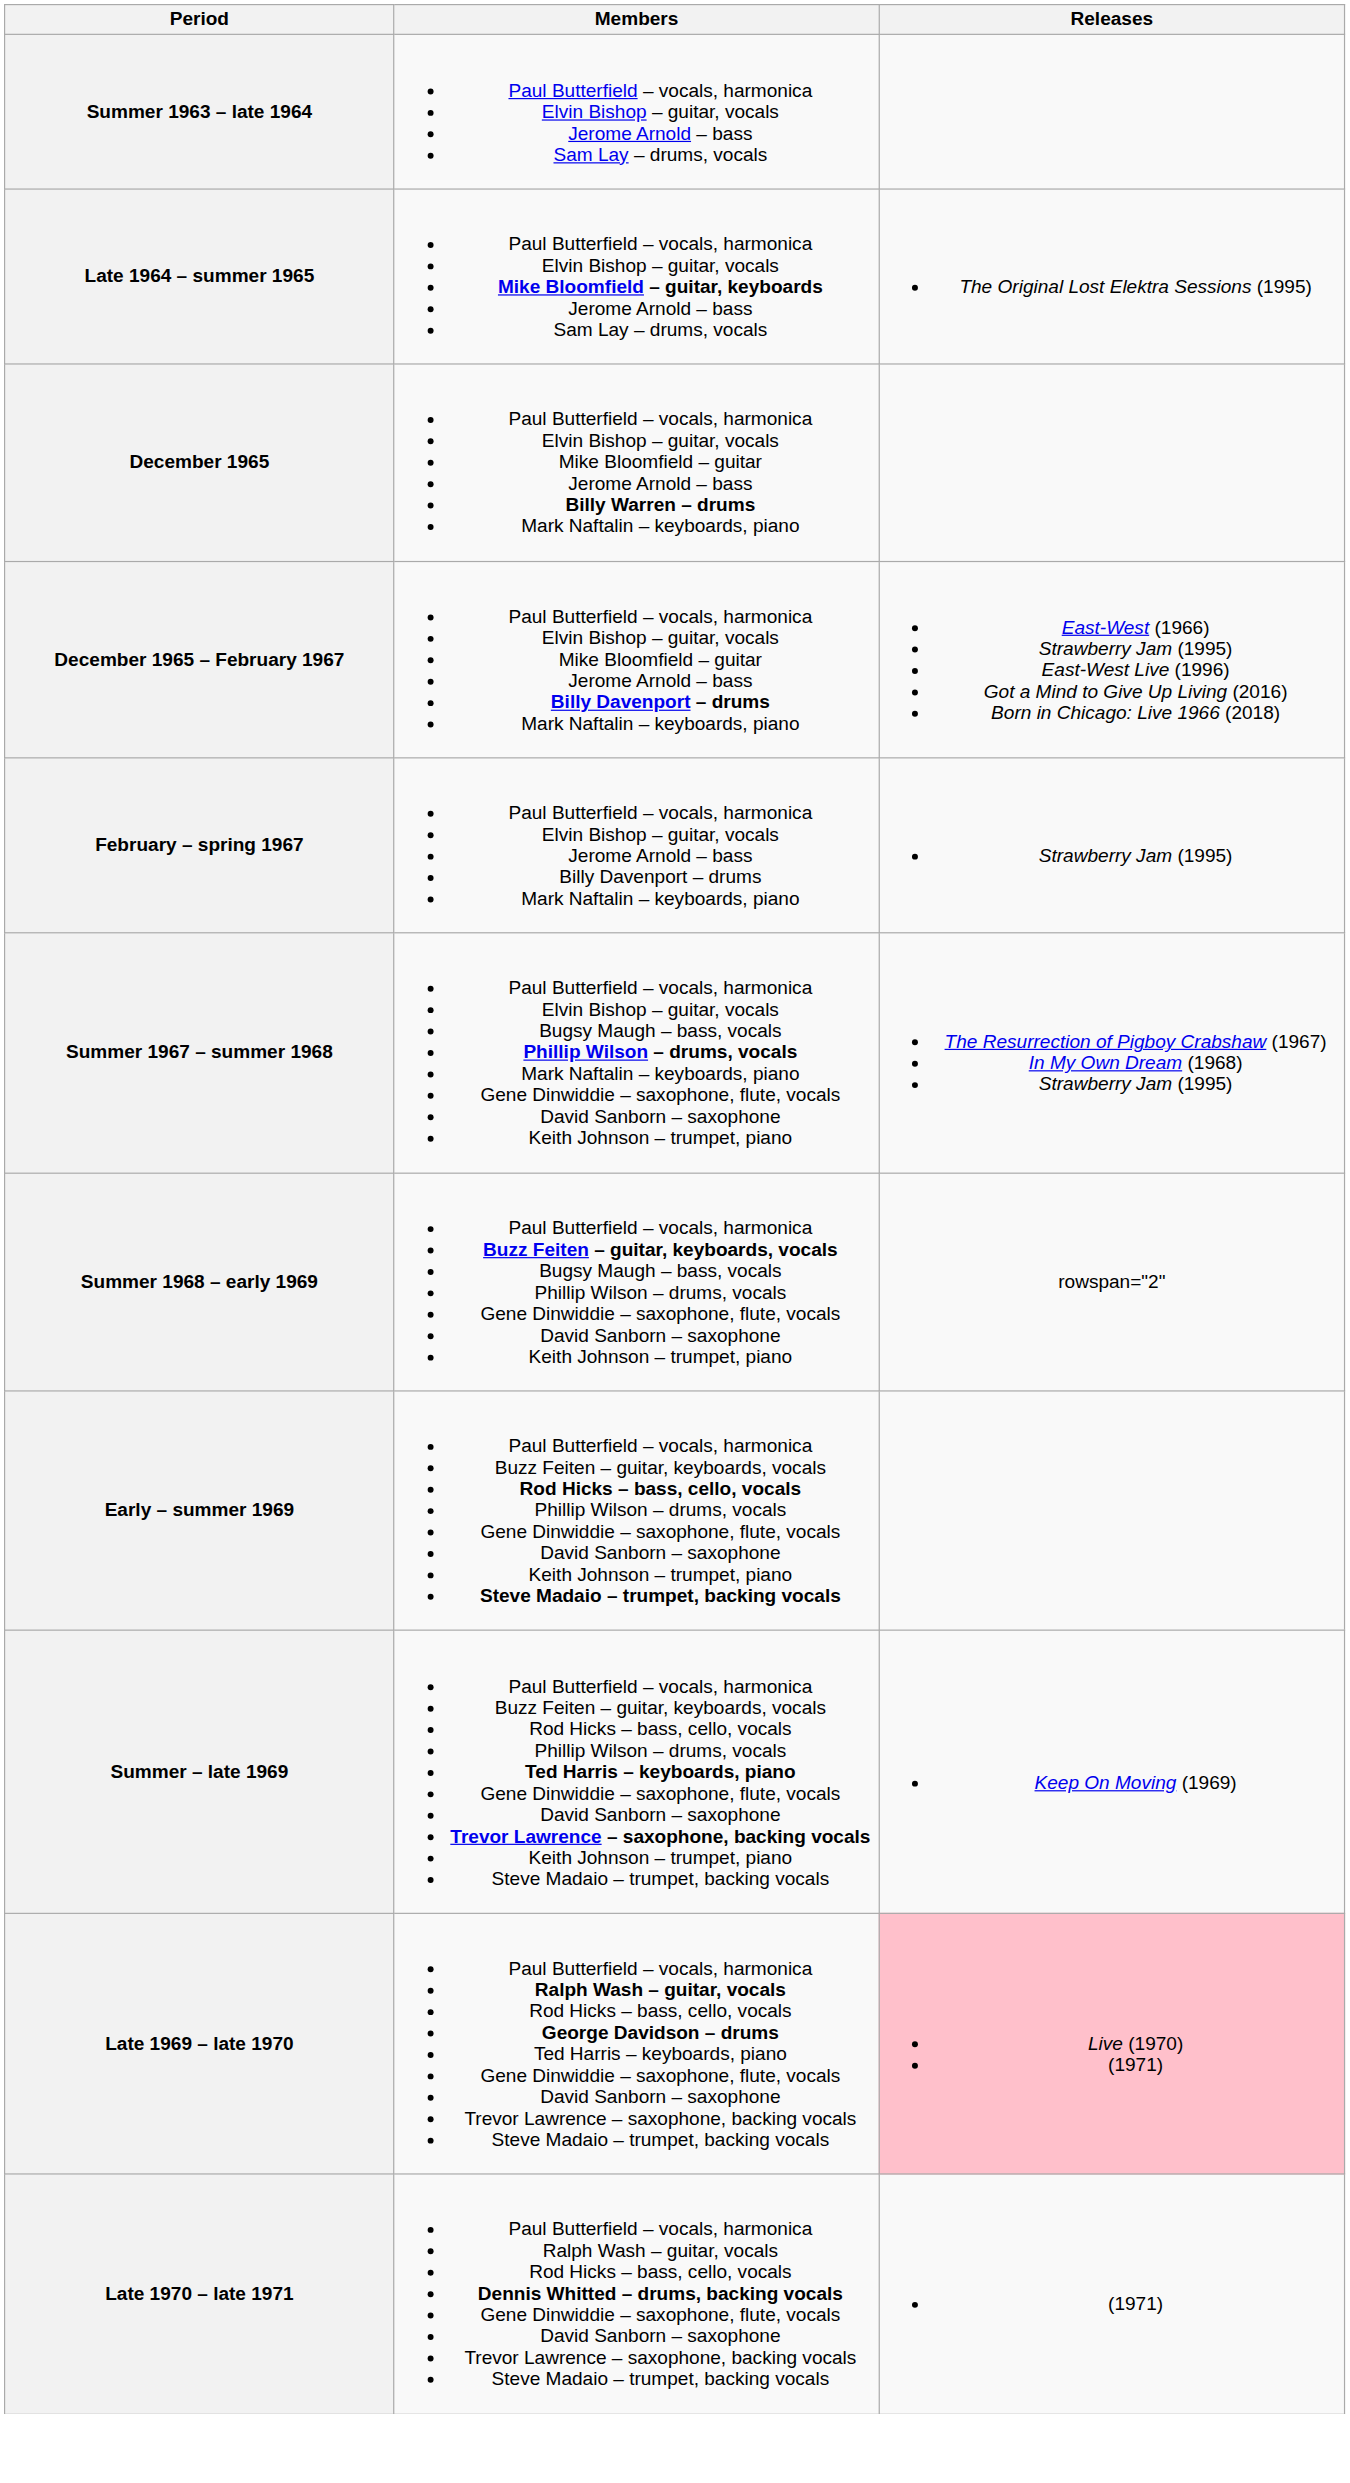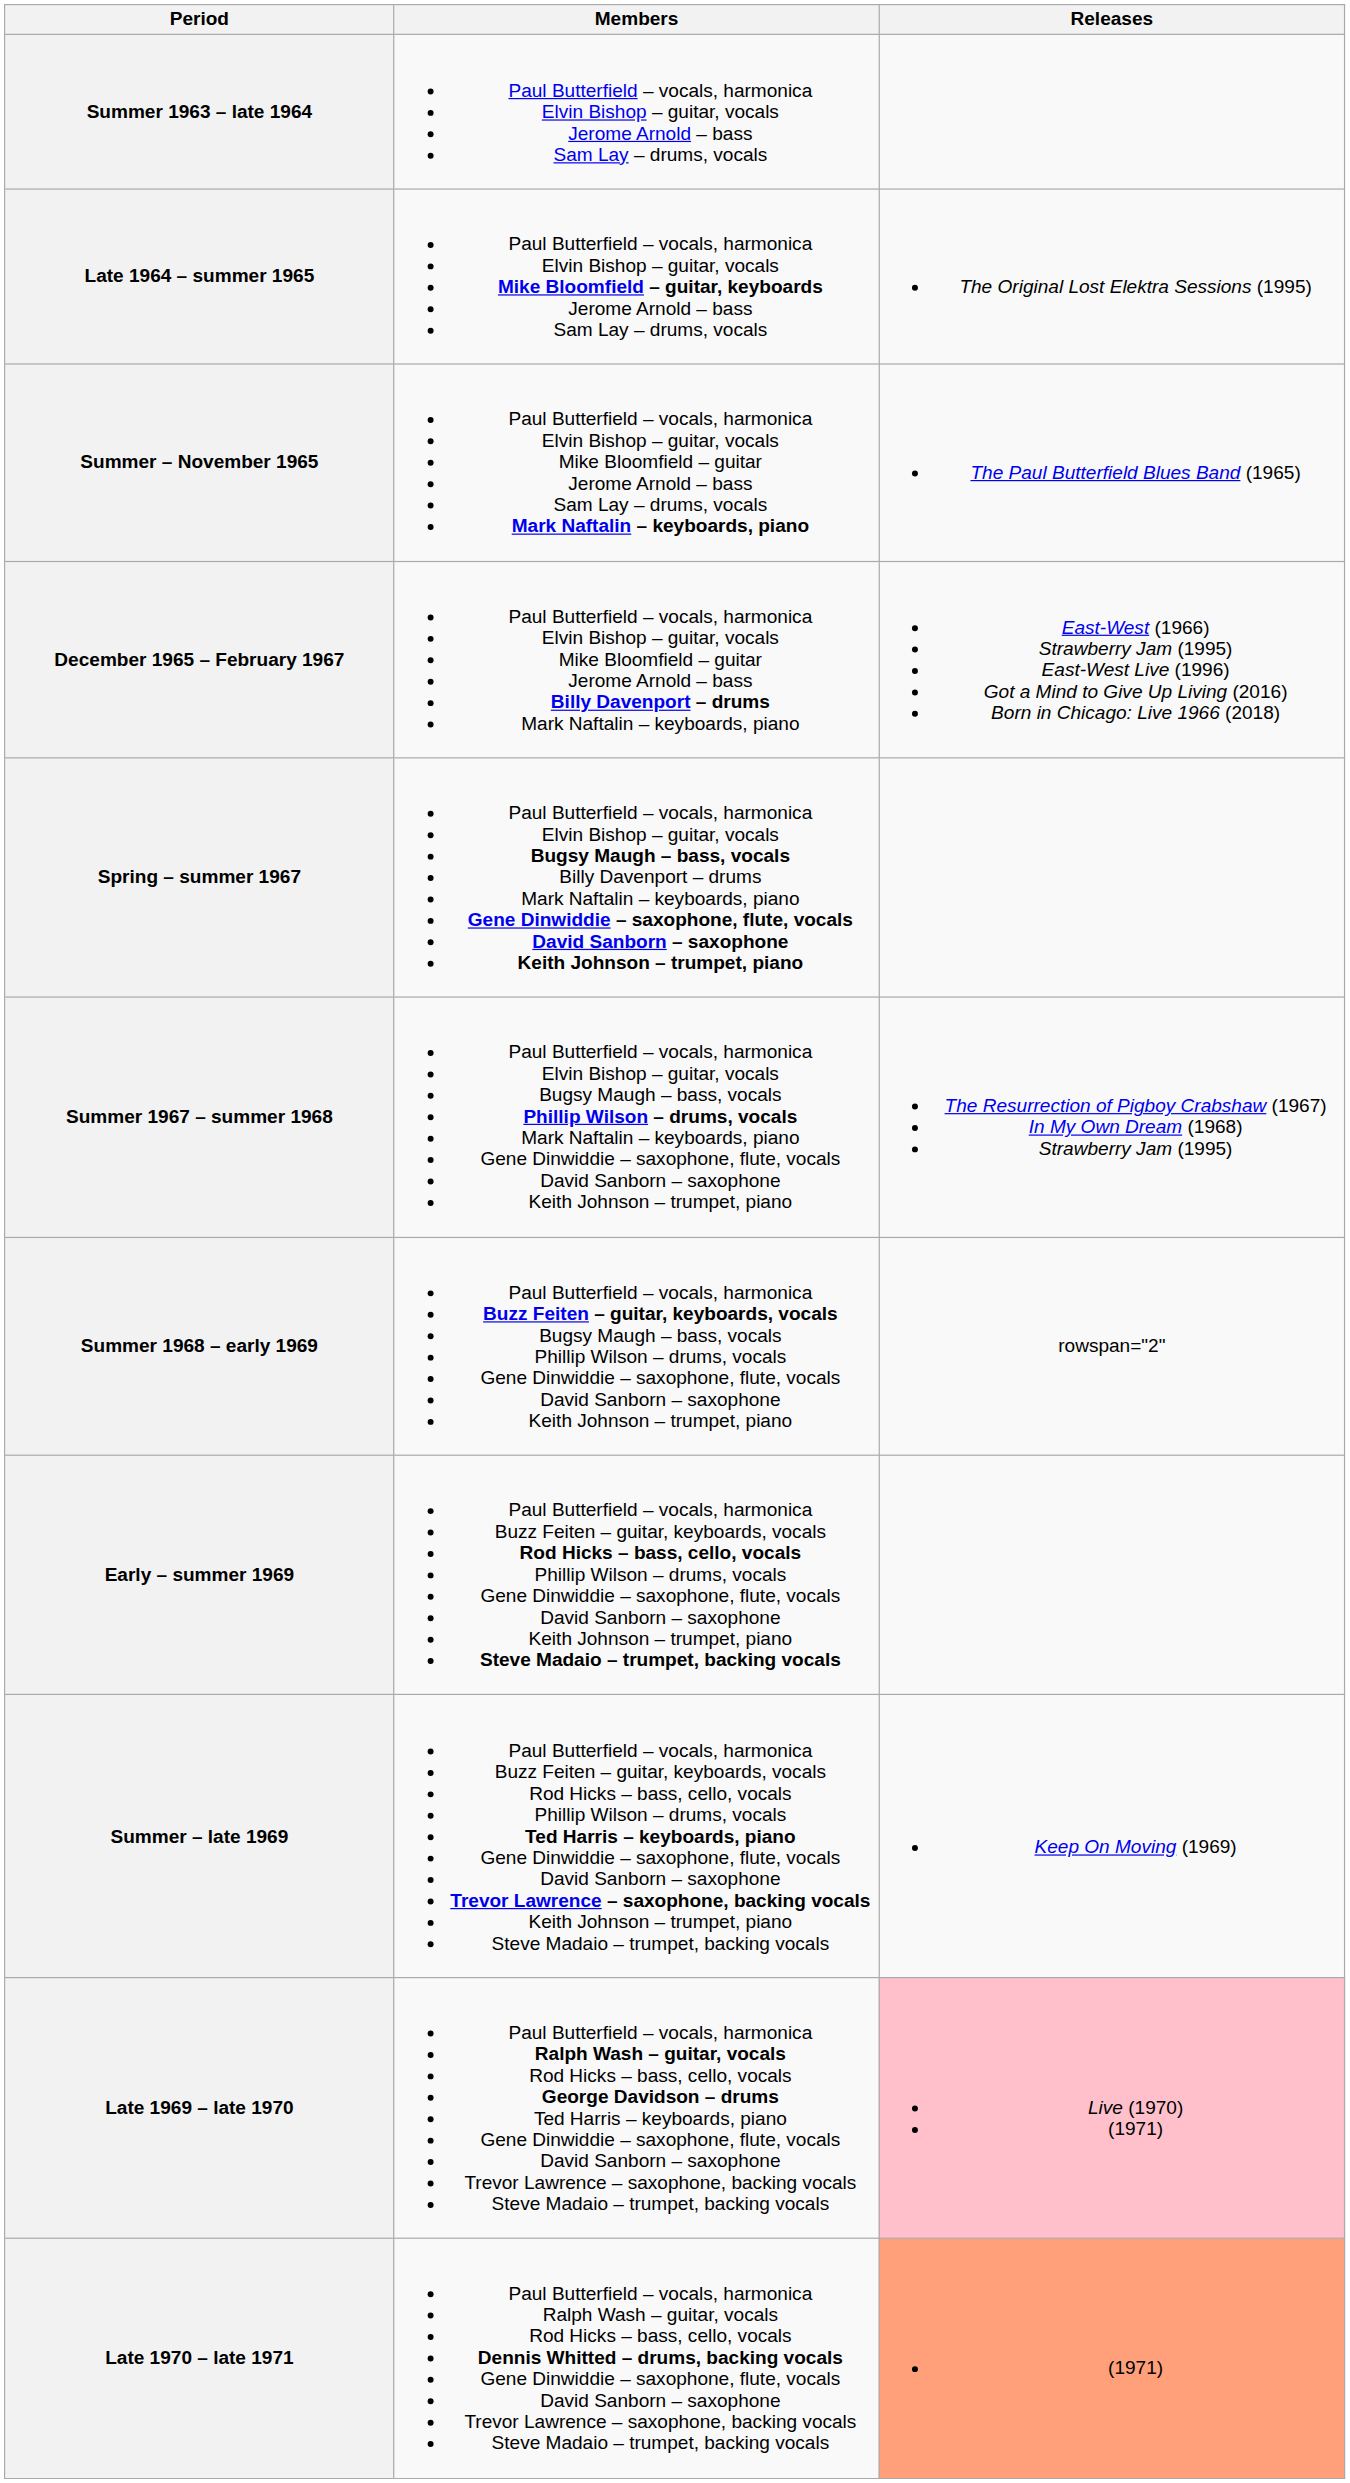 <table class="wikitable plainrowheaders" style="text-align:center;">
 <tr>
 <th scope="col" style="width:20em;">Period</th>
 <th scope="col" style="width:25em;">Members</th>
 <th scope="col" style="width:24em;">Releases</th>
 </tr>
 <tr>
 <th scope="col">Summer 1963 – late 1964</th>
 <td><br><ul><li><a href='#'>Paul Butterfield</a> – vocals, harmonica</li><li><a href='#'>Elvin Bishop</a> – guitar, vocals</li><li><a href='#'>Jerome Arnold</a> – bass</li><li><a href='#'>Sam Lay</a> – drums, vocals</li></ul></td>
 <td></td>
 </tr>
 <tr>
 <th scope="col">Late 1964 – summer 1965</th>
 <td><br><ul><li>Paul Butterfield – vocals, harmonica</li><li>Elvin Bishop – guitar, vocals</li><li><strong><a href='#'>Mike Bloomfield</a> – guitar, keyboards</strong></li><li>Jerome Arnold – bass</li><li>Sam Lay – drums, vocals</li></ul></td>
 <td><br><ul><li><em>The Original Lost Elektra Sessions</em> (1995)</li></ul></td>
 </tr>
 <tr>
-<th scope="col">December 1965</th>
-<td><br><ul><li>Paul Butterfield – vocals, harmonica</li><li>Elvin Bishop – guitar, vocals</li><li>Mike Bloomfield – guitar</li><li>Jerome Arnold – bass</li><li><strong>Billy Warren – drums</strong></li><li>Mark Naftalin – keyboards, piano</li></ul></td>
-<td></td>
+<th scope="col">Summer – November 1965</th>
+<td><br><ul><li>Paul Butterfield – vocals, harmonica</li><li>Elvin Bishop – guitar, vocals</li><li>Mike Bloomfield – guitar</li><li>Jerome Arnold – bass</li><li>Sam Lay – drums, vocals</li><li><strong><a href='#'>Mark Naftalin</a> – keyboards, piano</strong></li></ul></td>
+<td><br><ul><li><em><a href='#'>The Paul Butterfield Blues Band</a></em> (1965)</li></ul></td>
 </tr>
 <tr>
 <th scope="col">December 1965 – February 1967</th>
 <td><br><ul><li>Paul Butterfield – vocals, harmonica</li><li>Elvin Bishop – guitar, vocals</li><li>Mike Bloomfield – guitar</li><li>Jerome Arnold – bass</li><li><strong><a href='#'>Billy Davenport</a> – drums</strong></li><li>Mark Naftalin – keyboards, piano</li></ul></td>
 <td><br><ul><li><em><a href='#'>East-West</a></em> (1966)</li><li><em>Strawberry Jam</em> (1995) </li><li><em>East-West Live</em> (1996)</li><li><em>Got a Mind to Give Up Living</em> (2016)</li><li><em>Born in Chicago: Live 1966</em> (2018)</li></ul></td>
 </tr>
 <tr>
-<th scope="col">February – spring 1967</th>
-<td><br><ul><li>Paul Butterfield – vocals, harmonica</li><li>Elvin Bishop – guitar, vocals</li><li>Jerome Arnold – bass</li><li>Billy Davenport – drums</li><li>Mark Naftalin – keyboards, piano</li></ul></td>
-<td><br><ul><li><em>Strawberry Jam</em> (1995) </li></ul></td>
+<th scope="col">Spring – summer 1967</th>
+<td><br><ul><li>Paul Butterfield – vocals, harmonica</li><li>Elvin Bishop – guitar, vocals</li><li><strong>Bugsy Maugh – bass, vocals</strong></li><li>Billy Davenport – drums</li><li>Mark Naftalin – keyboards, piano</li><li><strong><a href='#'>Gene Dinwiddie</a> – saxophone, flute, vocals</strong></li><li><strong><a href='#'>David Sanborn</a> – saxophone</strong></li><li><strong>Keith Johnson – trumpet, piano</strong></li></ul></td>
+<td></td>
 </tr>
 <tr>
 <th scope="col">Summer 1967 – summer 1968</th>
 <td><br><ul><li>Paul Butterfield – vocals, harmonica</li><li>Elvin Bishop – guitar, vocals</li><li>Bugsy Maugh – bass, vocals</li><li><strong><a href='#'>Phillip Wilson</a> – drums, vocals</strong></li><li>Mark Naftalin – keyboards, piano</li><li>Gene Dinwiddie – saxophone, flute, vocals</li><li>David Sanborn – saxophone</li><li>Keith Johnson – trumpet, piano</li></ul></td>
 <td><br><ul><li><em><a href='#'>The Resurrection of Pigboy Crabshaw</a></em> (1967)</li><li><em><a href='#'>In My Own Dream</a></em> (1968)</li><li><em>Strawberry Jam</em> (1995) </li></ul></td>
 </tr>
 <tr>
 <th scope="col">Summer 1968 – early 1969</th>
 <td><br><ul><li>Paul Butterfield – vocals, harmonica</li><li><strong><a href='#'>Buzz Feiten</a> – guitar, keyboards, vocals</strong></li><li>Bugsy Maugh – bass, vocals</li><li>Phillip Wilson – drums, vocals</li><li>Gene Dinwiddie – saxophone, flute, vocals</li><li>David Sanborn – saxophone</li><li>Keith Johnson – trumpet, piano</li></ul></td>
 <td>rowspan="2" </td>
 </tr>
 <tr>
 <th scope="col">Early – summer 1969</th>
 <td><br><ul><li>Paul Butterfield – vocals, harmonica</li><li>Buzz Feiten – guitar, keyboards, vocals</li><li><strong>Rod Hicks – bass, cello, vocals</strong></li><li>Phillip Wilson – drums, vocals</li><li>Gene Dinwiddie – saxophone, flute, vocals</li><li>David Sanborn – saxophone</li><li>Keith Johnson – trumpet, piano</li><li><strong>Steve Madaio – trumpet, backing vocals</strong></li></ul></td>
 </tr>
 <tr>
 <th scope="col">Summer – late 1969</th>
 <td><br><ul><li>Paul Butterfield – vocals, harmonica</li><li>Buzz Feiten – guitar, keyboards, vocals</li><li>Rod Hicks – bass, cello, vocals</li><li>Phillip Wilson – drums, vocals</li><li><strong>Ted Harris – keyboards, piano</strong></li><li>Gene Dinwiddie – saxophone, flute, vocals</li><li>David Sanborn – saxophone</li><li><strong><a href='#'>Trevor Lawrence</a> – saxophone, backing vocals</strong></li><li>Keith Johnson – trumpet, piano</li><li>Steve Madaio – trumpet, backing vocals</li></ul></td>
 <td><br><ul><li><em><a href='#'>Keep On Moving</a></em> (1969)</li></ul></td>
 </tr>
 <tr>
 <th scope="col">Late 1969 – late 1970</th>
 <td><br><ul><li>Paul Butterfield – vocals, harmonica</li><li><strong>Ralph Wash – guitar, vocals</strong></li><li>Rod Hicks – bass, cello, vocals</li><li><strong>George Davidson – drums</strong></li><li>Ted Harris – keyboards, piano</li><li>Gene Dinwiddie – saxophone, flute, vocals</li><li>David Sanborn – saxophone</li><li>Trevor Lawrence – saxophone, backing vocals</li><li>Steve Madaio – trumpet, backing vocals</li></ul></td>
 <td style="background: pink;"><br><ul><li><em>Live</em> (1970)</li><li><em></em> (1971)<br></li></ul></td>
 </tr>
 <tr>
 <th scope="col">Late 1970 – late 1971</th>
 <td><br><ul><li>Paul Butterfield – vocals, harmonica</li><li>Ralph Wash – guitar, vocals</li><li>Rod Hicks – bass, cello, vocals</li><li><strong>Dennis Whitted – drums, backing vocals</strong></li><li>Gene Dinwiddie – saxophone, flute, vocals</li><li>David Sanborn – saxophone</li><li>Trevor Lawrence – saxophone, backing vocals</li><li>Steve Madaio – trumpet, backing vocals</li></ul></td>
-<td><br><ul><li><em></em> (1971)</li></ul></td>
+<td style="background: lightsalmon;"><br><ul><li><em></em> (1971)</li></ul></td>
 </tr>
 </table>
